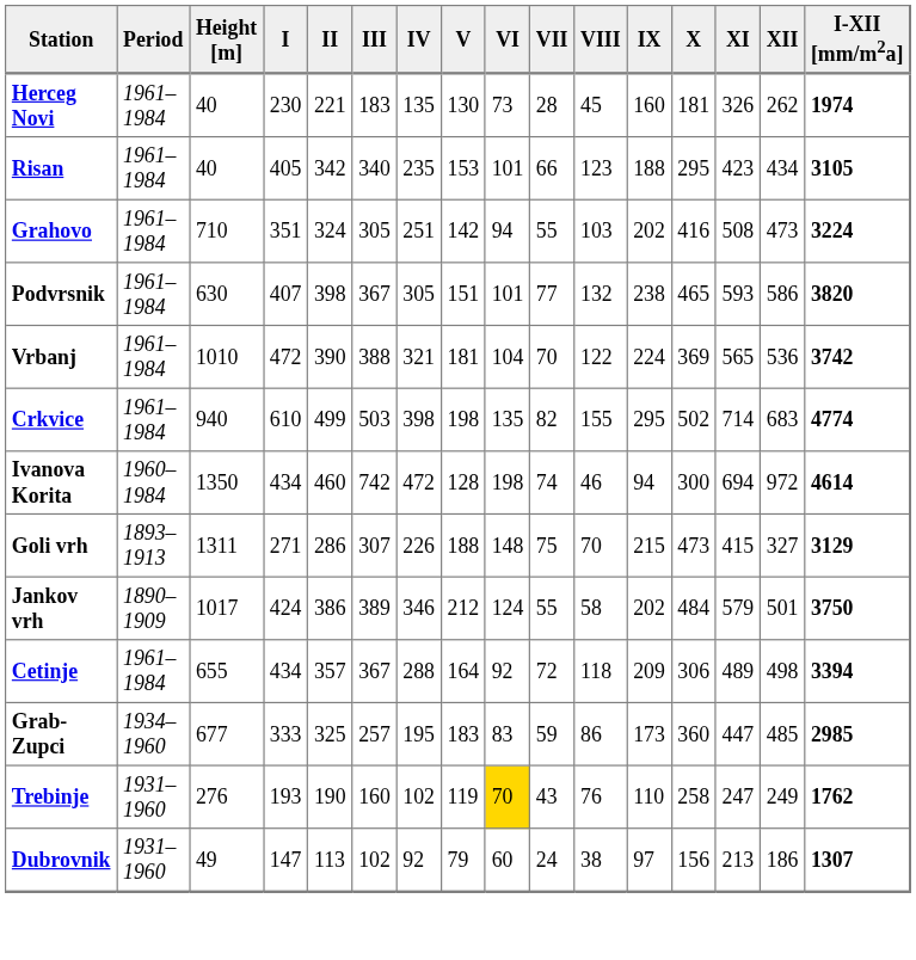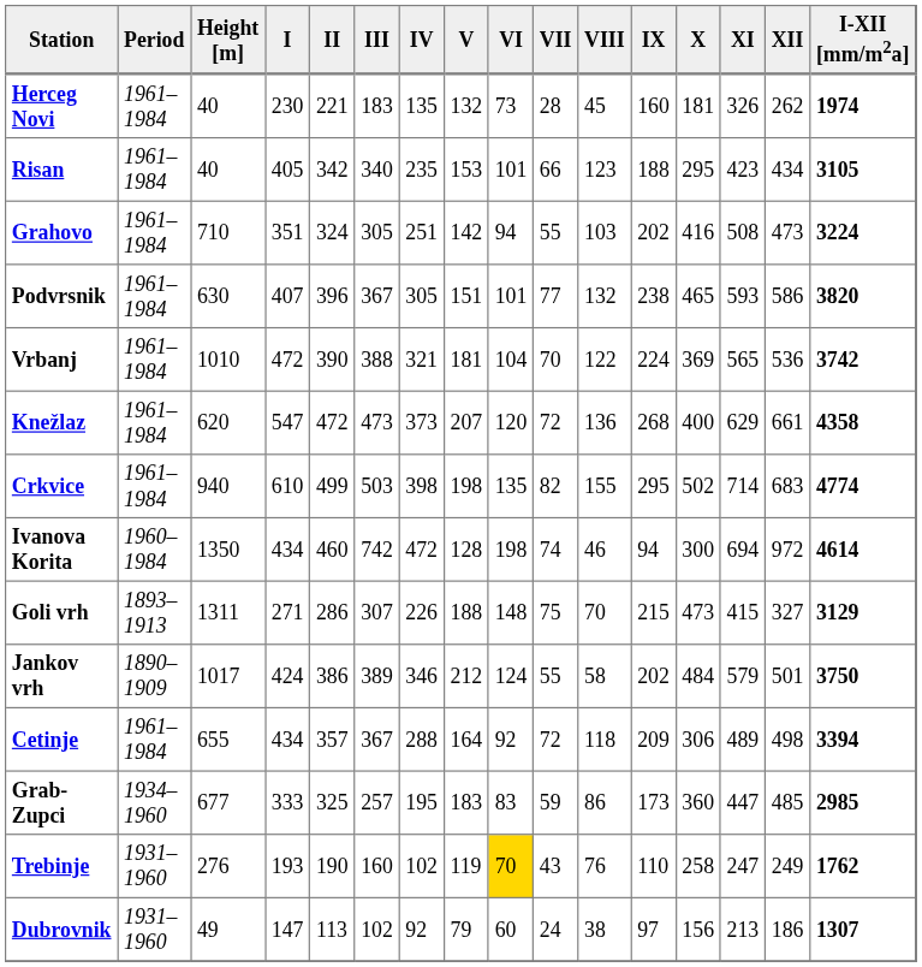 <table border=1 cellpadding=4 cellspacing=0 class="toccolours" style="align: left; margin: 0.5em 0 0 0; border-style: solid; border: 1px solid #7f7f7f; border-right-width: 2px; border-bottom-width: 2px; border-collapse: collapse; font-size: 95%;">
 <tr>
 <th style="background: #efefef; border-bottom: 2px solid gray;">Station</th>
 <th style="background: #efefef; border-bottom: 2px solid gray;">Period</th>
 <th style="background: #efefef; border-bottom: 2px solid gray;">Height [m]</th>
 <th style="background: #efefef; border-bottom: 2px solid gray;">I</th>
 <th style="background: #efefef; border-bottom: 2px solid gray;">II</th>
 <th style="background: #efefef; border-bottom: 2px solid gray;">III</th>
 <th style="background: #efefef; border-bottom: 2px solid gray;">IV</th>
 <th style="background: #efefef; border-bottom: 2px solid gray;">V</th>
 <th style="background: #efefef; border-bottom: 2px solid gray;">VI</th>
 <th style="background: #efefef; border-bottom: 2px solid gray;">VII</th>
 <th style="background: #efefef; border-bottom: 2px solid gray;">VIII</th>
 <th style="background: #efefef; border-bottom: 2px solid gray;">IX</th>
 <th style="background: #efefef; border-bottom: 2px solid gray;">X</th>
 <th style="background: #efefef; border-bottom: 2px solid gray;">XI</th>
 <th style="background: #efefef; border-bottom: 2px solid gray;">XII</th>
 <th style="background: #efefef; border-bottom: 2px solid gray;">I-XII [mm/m<sup>2</sup>a]</th>
 </tr>
 <tr>
 <td><strong><a href='#'>Herceg Novi</a></strong></td>
 <td><em>1961–1984</em></td>
 <td>40</td>
 <td>230</td>
 <td>221</td>
 <td>183</td>
 <td>135</td>
-<td>130</td>
+<td>132</td>
 <td>73</td>
 <td>28</td>
 <td>45</td>
 <td>160</td>
 <td>181</td>
 <td>326</td>
 <td>262</td>
 <td><strong>1974</strong></td>
 </tr>
 <tr>
 <td><strong><a href='#'>Risan</a></strong></td>
 <td><em>1961–1984</em></td>
 <td>40</td>
 <td>405</td>
 <td>342</td>
 <td>340</td>
 <td>235</td>
 <td>153</td>
 <td>101</td>
 <td>66</td>
 <td>123</td>
 <td>188</td>
 <td>295</td>
 <td>423</td>
 <td>434</td>
 <td><strong>3105</strong></td>
 </tr>
 <tr>
 <td><strong><a href='#'>Grahovo</a></strong></td>
 <td><em>1961–1984</em></td>
 <td>710</td>
 <td>351</td>
 <td>324</td>
 <td>305</td>
 <td>251</td>
 <td>142</td>
 <td>94</td>
 <td>55</td>
 <td>103</td>
 <td>202</td>
 <td>416</td>
 <td>508</td>
 <td>473</td>
 <td><strong>3224</strong></td>
 </tr>
 <tr>
 <td><strong>Podvrsnik</strong></td>
 <td><em>1961–1984</em></td>
 <td>630</td>
 <td>407</td>
-<td>398</td>
+<td>396</td>
 <td>367</td>
 <td>305</td>
 <td>151</td>
 <td>101</td>
 <td>77</td>
 <td>132</td>
 <td>238</td>
 <td>465</td>
 <td>593</td>
 <td>586</td>
 <td><strong>3820</strong></td>
 </tr>
 <tr>
 <td><strong>Vrbanj</strong></td>
 <td><em>1961–1984</em></td>
 <td>1010</td>
 <td>472</td>
 <td>390</td>
 <td>388</td>
 <td>321</td>
 <td>181</td>
 <td>104</td>
 <td>70</td>
 <td>122</td>
 <td>224</td>
 <td>369</td>
 <td>565</td>
 <td>536</td>
 <td><strong>3742</strong></td>
+</tr>
+<tr>
+<td><strong><a href='#'>Knežlaz</a></strong></td>
+<td><em>1961–1984</em></td>
+<td>620</td>
+<td>547</td>
+<td>472</td>
+<td>473</td>
+<td>373</td>
+<td>207</td>
+<td>120</td>
+<td>72</td>
+<td>136</td>
+<td>268</td>
+<td>400</td>
+<td>629</td>
+<td>661</td>
+<td><strong>4358</strong></td>
 </tr>
 <tr>
 <td><strong><a href='#'>Crkvice</a></strong></td>
 <td><em>1961–1984</em></td>
 <td>940</td>
 <td>610</td>
 <td>499</td>
 <td>503</td>
 <td>398</td>
 <td>198</td>
 <td>135</td>
 <td>82</td>
 <td>155</td>
 <td>295</td>
 <td>502</td>
 <td>714</td>
 <td>683</td>
 <td><strong>4774</strong></td>
 </tr>
 <tr>
 <td><strong>Ivanova Korita</strong></td>
 <td><em>1960–1984</em></td>
 <td>1350</td>
 <td>434</td>
 <td>460</td>
 <td>742</td>
 <td>472</td>
 <td>128</td>
 <td>198</td>
 <td>74</td>
 <td>46</td>
 <td>94</td>
 <td>300</td>
 <td>694</td>
 <td>972</td>
 <td><strong>4614</strong></td>
 </tr>
 <tr>
 <td><strong>Goli vrh</strong></td>
 <td><em>1893–1913</em></td>
 <td>1311</td>
 <td>271</td>
 <td>286</td>
 <td>307</td>
 <td>226</td>
 <td>188</td>
 <td>148</td>
 <td>75</td>
 <td>70</td>
 <td>215</td>
 <td>473</td>
 <td>415</td>
 <td>327</td>
 <td><strong>3129</strong></td>
 </tr>
 <tr>
 <td><strong>Jankov vrh</strong></td>
 <td><em>1890–1909</em></td>
 <td>1017</td>
 <td>424</td>
 <td>386</td>
 <td>389</td>
 <td>346</td>
 <td>212</td>
 <td>124</td>
 <td>55</td>
 <td>58</td>
 <td>202</td>
 <td>484</td>
 <td>579</td>
 <td>501</td>
 <td><strong>3750</strong></td>
 </tr>
 <tr>
 <td><strong><a href='#'>Cetinje</a></strong></td>
 <td><em>1961–1984</em></td>
 <td>655</td>
 <td>434</td>
 <td>357</td>
 <td>367</td>
 <td>288</td>
 <td>164</td>
 <td>92</td>
 <td>72</td>
 <td>118</td>
 <td>209</td>
 <td>306</td>
 <td>489</td>
 <td>498</td>
 <td><strong>3394</strong></td>
 </tr>
 <tr>
 <td><strong>Grab-Zupci</strong></td>
 <td><em>1934–1960</em></td>
 <td>677</td>
 <td>333</td>
 <td>325</td>
 <td>257</td>
 <td>195</td>
 <td>183</td>
 <td>83</td>
 <td>59</td>
 <td>86</td>
 <td>173</td>
 <td>360</td>
 <td>447</td>
 <td>485</td>
 <td><strong>2985</strong></td>
 </tr>
 <tr>
 <td><strong><a href='#'>Trebinje</a></strong></td>
 <td><em>1931–1960</em></td>
 <td>276</td>
 <td>193</td>
 <td>190</td>
 <td>160</td>
 <td>102</td>
 <td>119</td>
 <td style="background: gold;">70</td>
 <td>43</td>
 <td>76</td>
 <td>110</td>
 <td>258</td>
 <td>247</td>
 <td>249</td>
 <td><strong>1762</strong></td>
 </tr>
 <tr>
 <td><strong><a href='#'>Dubrovnik</a></strong></td>
 <td><em>1931–1960</em></td>
 <td>49</td>
 <td>147</td>
 <td>113</td>
 <td>102</td>
 <td>92</td>
 <td>79</td>
 <td>60</td>
 <td>24</td>
 <td>38</td>
 <td>97</td>
 <td>156</td>
 <td>213</td>
 <td>186</td>
 <td><strong>1307</strong></td>
 </tr>
 <tr>
 </tr>
 </table>
